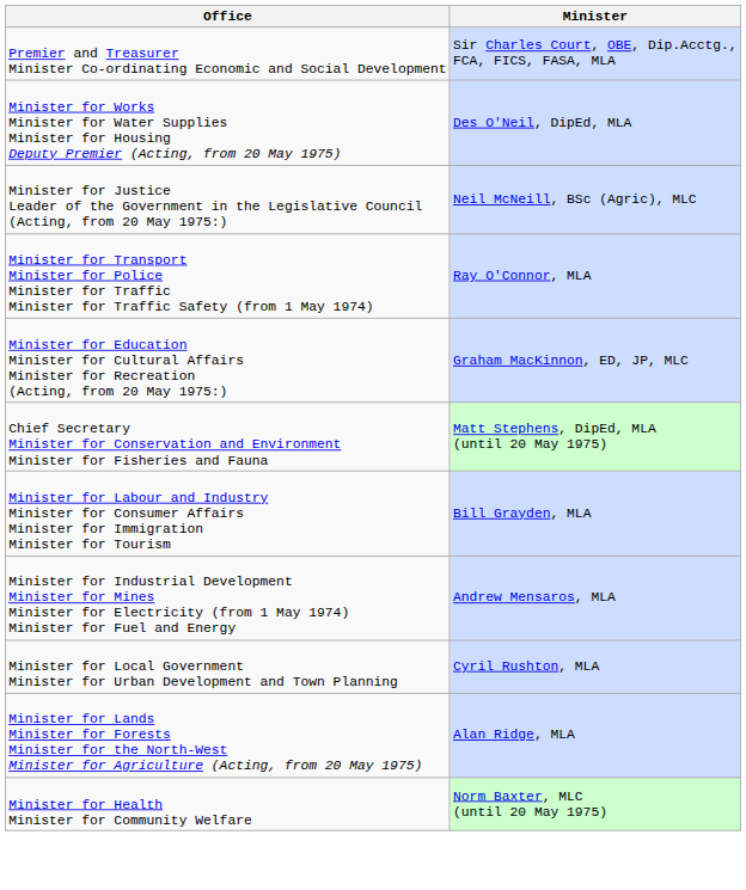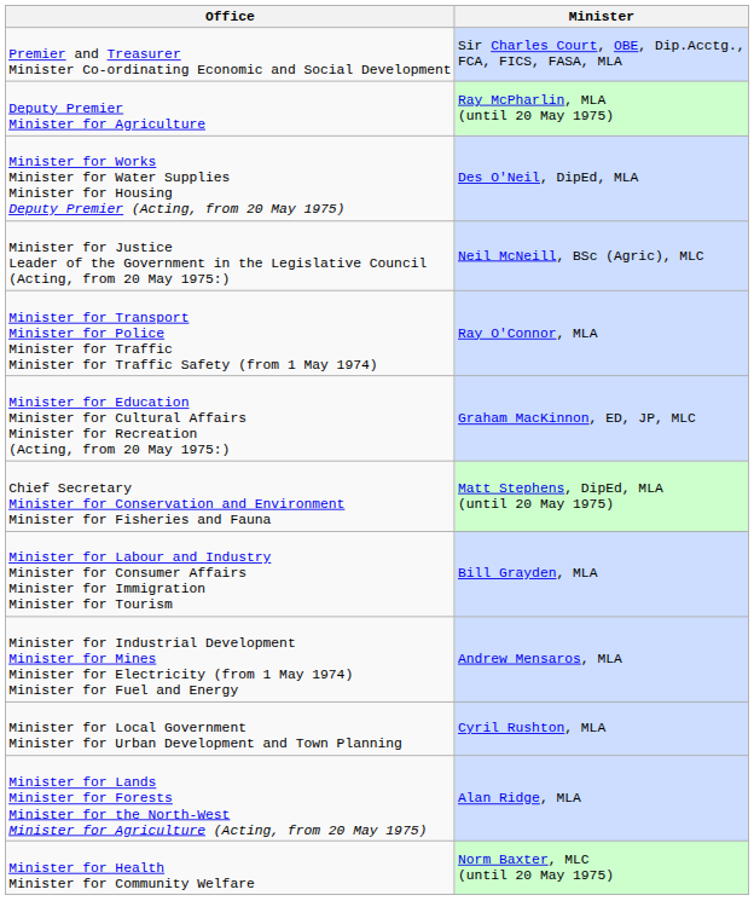 <table class="wikitable">
 <tr>
 <th>Office</th>
 <th>Minister</th>
 </tr>
 <tr>
 <td><br><a href='#'>Premier</a> and <a href='#'>Treasurer</a><br> Minister Co-ordinating Economic and Social Development<br></td>
 <td style="background:#CCDDFF">Sir <a href='#'>Charles Court</a>, <a href='#'>OBE</a>, Dip.Acctg.,<br>FCA, FICS, FASA, MLA</td>
+</tr>
+<tr>
+<td><br><a href='#'>Deputy Premier</a><br> <a href='#'>Minister for Agriculture</a><br></td>
+<td style="background:#CCFFCC"><a href='#'>Ray McPharlin</a>, MLA<br>(until 20 May 1975)</td>
 </tr>
 <tr>
 <td><br><a href='#'>Minister for Works</a><br> Minister for Water Supplies<br> Minister for Housing<br> <em><a href='#'>Deputy Premier</a> (Acting, from 20 May 1975)</em></td>
 <td style="background:#CCDDFF"><a href='#'>Des O'Neil</a>, DipEd, MLA</td>
 </tr>
 <tr>
 <td><br>Minister for Justice<br> Leader of the Government in the Legislative Council<br>(Acting, from 20 May 1975:)</td>
 <td style="background:#CCDDFF"><a href='#'>Neil McNeill</a>, BSc (Agric), MLC</td>
 </tr>
 <tr>
 <td><br><a href='#'>Minister for Transport</a><br> <a href='#'>Minister for Police</a><br> Minister for Traffic<br> Minister for Traffic Safety (from 1 May 1974)<br></td>
 <td style="background:#CCDDFF"><a href='#'>Ray O'Connor</a>, MLA</td>
 </tr>
 <tr>
 <td><br><a href='#'>Minister for Education</a><br> Minister for Cultural Affairs<br> Minister for Recreation<br>(Acting, from 20 May 1975:)</td>
 <td style="background:#CCDDFF"><a href='#'>Graham MacKinnon</a>, ED, JP, MLC</td>
 </tr>
 <tr>
 <td><br>Chief Secretary<br> <a href='#'>Minister for Conservation and Environment</a><br> Minister for Fisheries and Fauna<br></td>
 <td style="background:#CCFFCC"><a href='#'>Matt Stephens</a>, DipEd, MLA<br>(until 20 May 1975)</td>
 </tr>
 <tr>
 <td><br><a href='#'>Minister for Labour and Industry</a><br> Minister for Consumer Affairs<br> Minister for Immigration<br> Minister for Tourism<br></td>
 <td style="background:#CCDDFF"><a href='#'>Bill Grayden</a>, MLA</td>
 </tr>
 <tr>
 <td><br>Minister for Industrial Development<br> <a href='#'>Minister for Mines</a><br> Minister for Electricity (from 1 May 1974)<br> Minister for Fuel and Energy</td>
 <td style="background:#CCDDFF"><a href='#'>Andrew Mensaros</a>, MLA</td>
 </tr>
 <tr>
 <td><br>Minister for Local Government<br> Minister for Urban Development and Town Planning<br></td>
 <td style="background:#CCDDFF"><a href='#'>Cyril Rushton</a>, MLA</td>
 </tr>
 <tr>
 <td><br><a href='#'>Minister for Lands</a><br> <a href='#'>Minister for Forests</a><br> <a href='#'>Minister for the North-West</a><br> <em><a href='#'>Minister for Agriculture</a> (Acting, from 20 May 1975)</em></td>
 <td style="background:#CCDDFF"><a href='#'>Alan Ridge</a>, MLA</td>
 </tr>
 <tr>
 <td><br><a href='#'>Minister for Health</a><br> Minister for Community Welfare<br></td>
 <td style="background:#CCFFCC"><a href='#'>Norm Baxter</a>, MLC<br>(until 20 May 1975)</td>
 </tr>
 </table>
